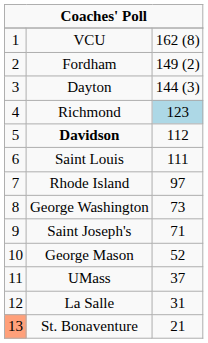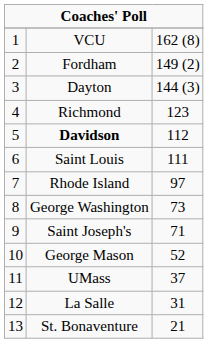 <table class="wikitable" style="display: inline-table;">
 <tr>
 <td align="center" Colspan="3"><strong>Coaches' Poll</strong></td>
 </tr>
 <tr align="center">
 </tr>
 <tr align="center">
 <td>1</td>
 <td>VCU</td>
 <td>162 (8)</td>
 </tr>
 <tr align="center">
 <td>2</td>
 <td>Fordham</td>
 <td>149 (2)</td>
 </tr>
 <tr align="center">
 <td>3</td>
 <td>Dayton</td>
 <td>144 (3)</td>
 </tr>
 <tr align="center">
 <td>4</td>
 <td>Richmond</td>
-<td style="background: lightblue;">123</td>
+<td>123</td>
 </tr>
 <tr align="center">
 <td>5</td>
 <td><strong>Davidson</strong></td>
 <td>112</td>
 </tr>
 <tr align="center">
 <td>6</td>
 <td>Saint Louis</td>
 <td>111</td>
 </tr>
 <tr align="center">
 <td>7</td>
 <td>Rhode Island</td>
 <td>97</td>
 </tr>
 <tr align="center">
 <td>8</td>
 <td>George Washington</td>
 <td>73</td>
 </tr>
 <tr align="center">
 <td>9</td>
 <td>Saint Joseph's</td>
 <td>71</td>
 </tr>
 <tr align="center">
 <td>10</td>
 <td>George Mason</td>
 <td>52</td>
 </tr>
 <tr align="center">
 <td>11</td>
 <td>UMass</td>
 <td>37</td>
 </tr>
 <tr align="center">
 <td>12</td>
 <td>La Salle</td>
 <td>31</td>
 </tr>
 <tr align="center">
-<td style="background: lightsalmon;">13</td>
+<td>13</td>
 <td>St. Bonaventure</td>
 <td>21</td>
 </tr>
 </table>
